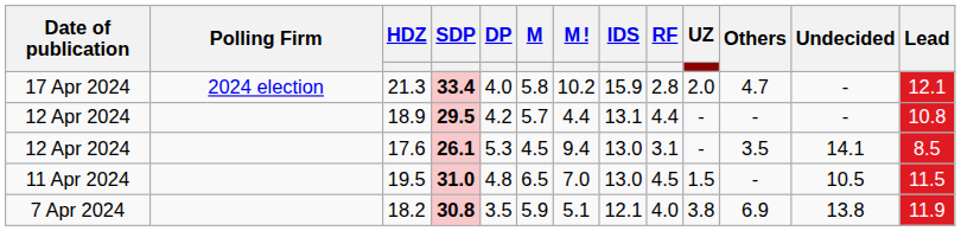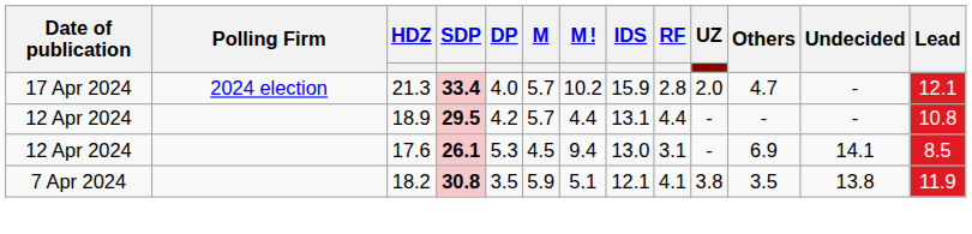 <table class="wikitable sortable" style="text-align:center; font-size:90%; line-height:16px;">
 <tr style="height:42px;">
 <th style="width:100px;" rowspan="2">Date of publication</th>
 <th style="width:165px;" rowspan="2">Polling Firm</th>
 <th><a href='#'>HDZ</a></th>
 <th><a href='#'>SDP</a></th>
 <th><a href='#'>DP</a></th>
 <th><a href='#'>M</a></th>
 <th style="letter-spacing:-1px;"><a href='#'>M !</a></th>
 <th><a href='#'>IDS</a></th>
 <th><a href='#'>RF</a></th>
 <th>UZ</th>
 <th class="unsortable" style="width:40px;" rowspan="2">Others</th>
 <th class="unsortable" style="width:40px;" rowspan="2">Undecided</th>
 <th class="unsortable" style="width:20px;" rowspan="2">Lead</th>
 </tr>
 <tr>
 <th style="color:inherit;background:"></th>
 <th data-sort-type="number" style="color:inherit;background:"></th>
 <th style="color:inherit;background:"></th>
 <th style="color:inherit;background:"></th>
 <th style="color:inherit;background:"></th>
 <th style="color:inherit;background:"></th>
 <th style="color:inherit;background:"></th>
 <th style="color:inherit;background:darkred;"></th>
 </tr>
 <tr>
 <td>17 Apr 2024</td>
 <td><a href='#'>2024 election</a></td>
 <td>21.3</td>
 <td style="background:#F9C8CA"><strong>33.4</strong></td>
 <td>4.0</td>
-<td>5.8</td>
+<td>5.7</td>
 <td>10.2</td>
 <td>15.9</td>
 <td>2.8</td>
 <td>2.0</td>
 <td>4.7</td>
 <td>-</td>
 <td style="background:#DF1A22; color: white">12.1</td>
 </tr>
 <tr>
 <td>12 Apr 2024</td>
 <td></td>
 <td>18.9</td>
 <td style="background:#F9C8CA"><strong>29.5</strong></td>
 <td>4.2</td>
 <td>5.7</td>
 <td>4.4</td>
 <td>13.1</td>
 <td>4.4</td>
 <td>-</td>
 <td>-</td>
 <td>-</td>
 <td style="background:#DF1A22; color: white">10.8</td>
 </tr>
 <tr>
 <td>12 Apr 2024</td>
 <td></td>
 <td>17.6</td>
 <td style="background:#F9C8CA"><strong>26.1</strong></td>
 <td>5.3</td>
 <td>4.5</td>
 <td>9.4</td>
 <td>13.0</td>
 <td>3.1</td>
 <td>-</td>
-<td>3.5</td>
+<td>6.9</td>
 <td>14.1</td>
 <td style="background:#DF1A22; color: white">8.5</td>
-</tr>
-<tr>
-<td>11 Apr 2024</td>
-<td></td>
-<td>19.5</td>
-<td style="background:#F9C8CA"><strong>31.0</strong></td>
-<td>4.8</td>
-<td>6.5</td>
-<td>7.0</td>
-<td>13.0</td>
-<td>4.5</td>
-<td>1.5</td>
-<td>-</td>
-<td>10.5</td>
-<td style="background:#DF1A22; color: white">11.5</td>
 </tr>
 <tr>
 <td>7 Apr 2024</td>
 <td></td>
 <td>18.2</td>
 <td style="background:#F9C8CA"><strong>30.8</strong></td>
 <td>3.5</td>
 <td>5.9</td>
 <td>5.1</td>
 <td>12.1</td>
-<td>4.0</td>
+<td>4.1</td>
 <td>3.8</td>
-<td>6.9</td>
+<td>3.5</td>
 <td>13.8</td>
 <td style="background:#DF1A22; color: white">11.9</td>
 </tr>
 </table>
